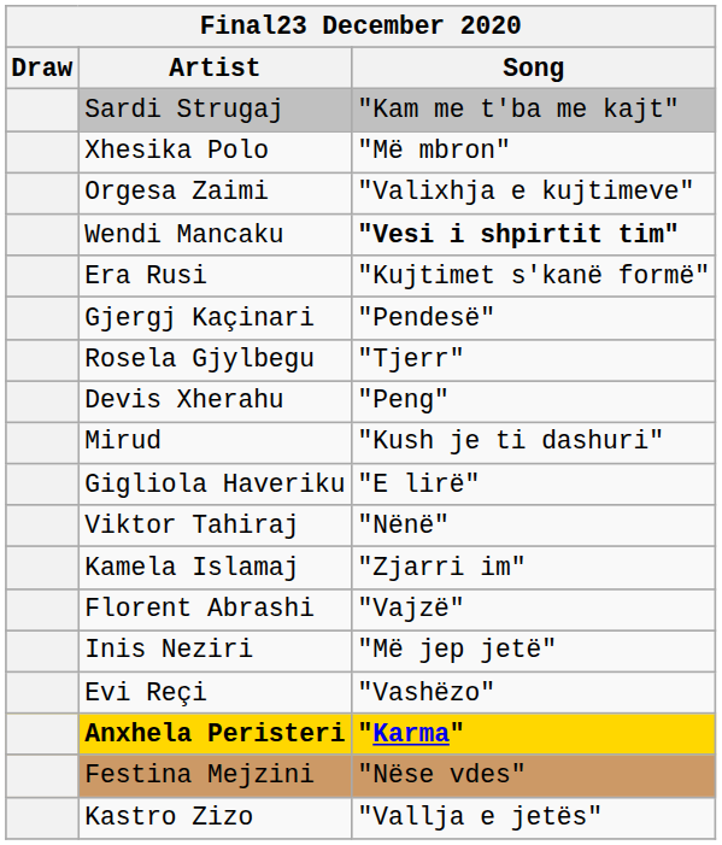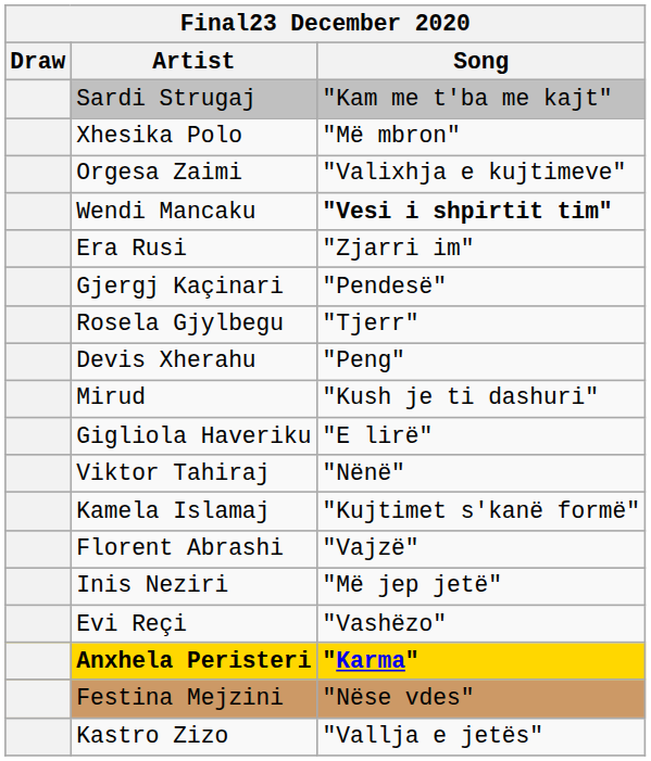 <table class="sortable wikitable plainrowheaders" style="margin: 1em auto 1em auto;">
 <tr>
 <th colspan=14>Final23 December 2020</th>
 </tr>
 <tr>
 <th>Draw</th>
 <th>Artist</th>
 <th>Song</th>
 </tr>
 <tr bgcolor="silver">
 <th scope="row"></th>
 <td>Sardi Strugaj</td>
 <td>"Kam me t'ba me kajt"</td>
 </tr>
 <tr>
 <th scope="row"></th>
 <td>Xhesika Polo</td>
 <td>"Më mbron"</td>
 </tr>
 <tr>
 <th scope="row"></th>
 <td>Orgesa Zaimi</td>
 <td>"Valixhja e kujtimeve"</td>
 </tr>
 <tr>
 <th scope="row"></th>
 <td>Wendi Mancaku</td>
 <td><strong>"Vesi i shpirtit tim"</strong></td>
 </tr>
 <tr>
 <th scope="row"></th>
 <td>Era Rusi</td>
-<td>"Kujtimet s'kanë formë"</td>
+<td>"Zjarri im"</td>
 </tr>
 <tr>
 <th scope="row"></th>
 <td>Gjergj Kaçinari</td>
 <td>"Pendesë"</td>
 </tr>
 <tr>
 <th scope="row"></th>
 <td>Rosela Gjylbegu</td>
 <td>"Tjerr"</td>
 </tr>
 <tr>
 <th scope="row"></th>
 <td>Devis Xherahu</td>
 <td>"Peng"</td>
 </tr>
 <tr>
 <th scope="row"></th>
 <td>Mirud</td>
 <td>"Kush je ti dashuri"</td>
 </tr>
 <tr>
 <th scope="row"></th>
 <td>Gigliola Haveriku</td>
 <td>"E lirë"</td>
 </tr>
 <tr>
 <th scope="row"></th>
 <td>Viktor Tahiraj</td>
 <td>"Nënë"</td>
 </tr>
 <tr>
 <th scope="row"></th>
 <td>Kamela Islamaj</td>
-<td>"Zjarri im"</td>
+<td>"Kujtimet s'kanë formë"</td>
 </tr>
 <tr>
 <th scope="row"></th>
 <td>Florent Abrashi</td>
 <td>"Vajzë"</td>
 </tr>
 <tr>
 <th scope="row"></th>
 <td>Inis Neziri</td>
 <td>"Më jep jetë"</td>
 </tr>
 <tr>
 <th scope="row"></th>
 <td>Evi Reçi</td>
 <td>"Vashëzo"</td>
 </tr>
 <tr bgcolor="gold">
 <th scope="row"></th>
 <td><strong>Anxhela Peristeri</strong></td>
 <td><strong>"<a href='#'>Karma</a>"</strong></td>
 </tr>
 <tr bgcolor="cc9966">
 <th scope="row"></th>
 <td>Festina Mejzini</td>
 <td>"Nëse vdes"</td>
 </tr>
 <tr>
 <th scope="row"></th>
 <td>Kastro Zizo</td>
 <td>"Vallja e jetës"</td>
 </tr>
 </table>
